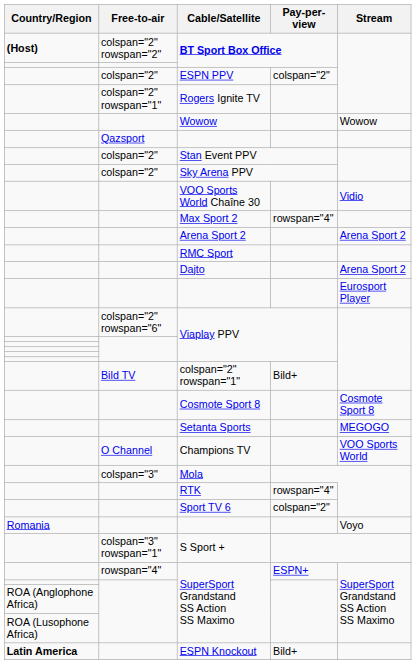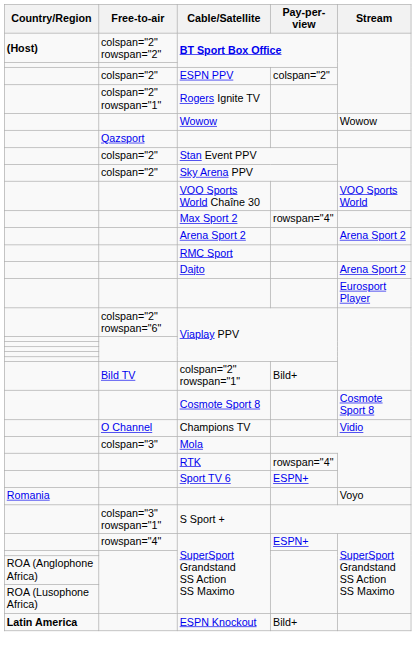 <table class="wikitable">
 <tr>
 <th>Country/Region</th>
 <th>Free-to-air</th>
 <th>Cable/Satellite</th>
 <th>Pay-per-view</th>
 <th>Stream</th>
 </tr>
 <tr>
 <td><strong> (Host)</strong></td>
 <td>colspan="2" rowspan="2" </td>
 <td colspan="2" rowspan="2"><strong><a href='#'>BT Sport Box Office</a></strong></td>
 </tr>
 <tr>
 <td></td>
 </tr>
 <tr>
 <td></td>
 <td>colspan="2" </td>
 <td><a href='#'>ESPN PPV</a></td>
 <td>colspan="2" </td>
 </tr>
 <tr>
 <td></td>
 <td>colspan="2" rowspan="1" </td>
 <td><a href='#'>Rogers</a> Ignite TV</td>
 <td></td>
 </tr>
 <tr>
 <td></td>
 <td></td>
 <td><a href='#'>Wowow</a></td>
 <td></td>
 <td>Wowow</td>
 </tr>
 <tr>
 <td></td>
 <td><a href='#'>Qazsport</a></td>
 <td></td>
 <td></td>
 <td></td>
 </tr>
 <tr>
 <td></td>
 <td>colspan="2" </td>
 <td colspan="2"><a href='#'>Stan</a> Event PPV</td>
 </tr>
 <tr>
 <td></td>
 <td>colspan="2" </td>
 <td colspan="2"><a href='#'>Sky Arena</a> PPV</td>
 </tr>
 <tr>
 <td></td>
 <td></td>
 <td><a href='#'>VOO Sports World</a> Chaîne 30</td>
 <td></td>
-<td><a href='#'>Vidio</a></td>
+<td><a href='#'>VOO Sports World</a></td>
 </tr>
 <tr>
 <td></td>
 <td></td>
 <td><a href='#'>Max Sport 2</a></td>
 <td>rowspan="4" </td>
 </tr>
 <tr>
 <td></td>
 <td></td>
 <td><a href='#'>Arena Sport 2</a></td>
 <td></td>
 <td><a href='#'>Arena Sport 2</a></td>
 </tr>
 <tr>
 <td></td>
 <td></td>
 <td><a href='#'>RMC Sport</a></td>
 <td></td>
 <td></td>
 </tr>
 <tr>
 <td></td>
 <td></td>
 <td><a href='#'>Dajto</a></td>
 <td></td>
 <td><a href='#'>Arena Sport 2</a></td>
 </tr>
 <tr>
 <td></td>
 <td></td>
 <td></td>
 <td></td>
 <td><a href='#'>Eurosport Player</a></td>
 </tr>
 <tr>
 <td></td>
 <td>colspan="2" rowspan="6" </td>
 <td colspan="2" rowspan="6"><a href='#'>Viaplay</a> PPV</td>
 </tr>
 <tr>
 <td></td>
 </tr>
 <tr>
 <td></td>
 </tr>
 <tr>
 <td></td>
 </tr>
 <tr>
 <td></td>
 </tr>
 <tr>
 <td></td>
 </tr>
 <tr>
 <td></td>
 <td><a href='#'>Bild TV</a></td>
 <td>colspan="2" rowspan="1" </td>
 <td>Bild+</td>
 </tr>
 <tr>
 <td></td>
 <td></td>
 <td><a href='#'>Cosmote Sport 8</a></td>
 <td></td>
 <td><a href='#'>Cosmote Sport 8</a></td>
 </tr>
 <tr>
 <td></td>
-<td></td>
-<td><a href='#'>Setanta Sports</a></td>
-<td></td>
-<td><a href='#'>MEGOGO</a></td>
-</tr>
-<tr>
-<td></td>
 <td><a href='#'>O Channel</a></td>
 <td>Champions TV</td>
 <td></td>
-<td><a href='#'>VOO Sports World</a></td>
+<td><a href='#'>Vidio</a></td>
 </tr>
 <tr>
 <td></td>
 <td>colspan="3" </td>
 <td><a href='#'>Mola</a></td>
 </tr>
 <tr>
 <td></td>
 <td></td>
 <td><a href='#'>RTK</a></td>
 <td>rowspan="4" </td>
 </tr>
 <tr>
 <td></td>
 <td></td>
 <td><a href='#'>Sport TV 6</a></td>
-<td>colspan="2" </td>
+<td><a href='#'>ESPN+</a></td>
 </tr>
 <tr>
 <td><a href='#'>Romania</a></td>
 <td></td>
 <td></td>
 <td></td>
 <td>Voyo</td>
 </tr>
 <tr>
 <td></td>
 <td>colspan="3" rowspan="1" </td>
 <td>S Sport +</td>
 </tr>
 <tr>
 <td></td>
 <td>rowspan="4" </td>
 <td rowspan="4"><a href='#'>SuperSport</a> Grandstand <br> SS Action <br> SS Maximo</td>
 <td><a href='#'>ESPN+</a></td>
 <td rowspan="4"><a href='#'>SuperSport</a> Grandstand <br> SS Action <br> SS Maximo</td>
 </tr>
 <tr>
 <td></td>
 </tr>
 <tr>
 <td>ROA (Anglophone Africa)</td>
 </tr>
 <tr>
 <td>ROA (Lusophone Africa)</td>
 </tr>
 <tr>
 <td><strong>Latin America</strong></td>
 <td></td>
 <td><a href='#'>ESPN Knockout</a></td>
 <td>Bild+</td>
 </tr>
 </table>
